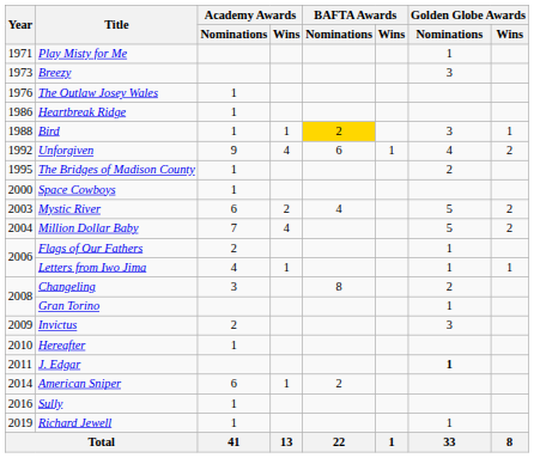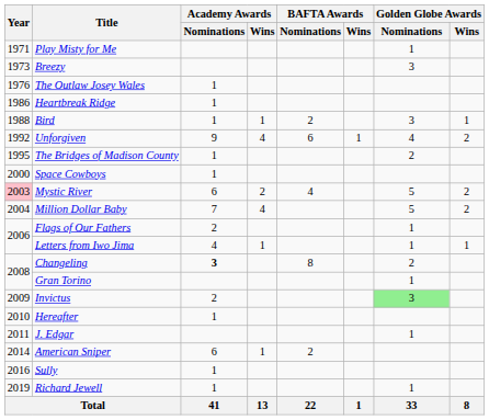 <table class="wikitable">
 <tr>
 <th rowspan="2">Year</th>
 <th rowspan="2">Title</th>
 <th colspan="2" style="text-align:center;">Academy Awards</th>
 <th colspan="2" style="text-align:center;">BAFTA Awards</th>
 <th colspan="2" style="text-align:center;">Golden Globe Awards</th>
 </tr>
 <tr>
 <th>Nominations</th>
 <th>Wins</th>
 <th>Nominations</th>
 <th>Wins</th>
 <th>Nominations</th>
 <th>Wins</th>
 </tr>
 <tr>
 <td>1971</td>
 <td><em><a href='#'>Play Misty for Me</a></em></td>
 <td></td>
 <td></td>
 <td></td>
 <td></td>
 <td align=center>1</td>
 <td></td>
 </tr>
 <tr>
 <td>1973</td>
 <td><em><a href='#'>Breezy</a></em></td>
 <td></td>
 <td></td>
 <td></td>
 <td></td>
 <td align=center>3</td>
 <td></td>
 </tr>
 <tr>
 <td>1976</td>
 <td><em><a href='#'>The Outlaw Josey Wales</a></em></td>
 <td align=center>1</td>
 <td></td>
 <td></td>
 <td></td>
 <td></td>
 <td></td>
 </tr>
 <tr>
 <td>1986</td>
 <td><em><a href='#'>Heartbreak Ridge</a></em></td>
 <td align=center>1</td>
 <td></td>
 <td></td>
 <td></td>
 <td></td>
 <td></td>
 </tr>
 <tr>
 <td>1988</td>
 <td><em><a href='#'>Bird</a></em></td>
 <td align=center>1</td>
 <td align=center>1</td>
-<td align=center style="background: gold;">2</td>
+<td align=center>2</td>
 <td></td>
 <td align=center>3</td>
 <td align=center>1</td>
 </tr>
 <tr>
 <td>1992</td>
 <td><em><a href='#'>Unforgiven</a></em></td>
 <td align=center>9</td>
 <td align=center>4</td>
 <td align=center>6</td>
 <td align=center>1</td>
 <td align=center>4</td>
 <td align=center>2</td>
 </tr>
 <tr>
 <td>1995</td>
 <td><em><a href='#'>The Bridges of Madison County</a></em></td>
 <td align=center>1</td>
 <td></td>
 <td></td>
 <td></td>
 <td align=center>2</td>
 <td></td>
 </tr>
 <tr>
 <td>2000</td>
 <td><em><a href='#'>Space Cowboys</a></em></td>
 <td align=center>1</td>
 <td></td>
 <td></td>
 <td></td>
 <td></td>
 <td></td>
 </tr>
 <tr>
-<td>2003</td>
+<td style="background: pink;">2003</td>
 <td><em><a href='#'>Mystic River</a></em></td>
 <td align=center>6</td>
 <td align=center>2</td>
 <td align=center>4</td>
 <td></td>
 <td align=center>5</td>
 <td align=center>2</td>
 </tr>
 <tr>
 <td>2004</td>
 <td><em><a href='#'>Million Dollar Baby</a></em></td>
 <td align=center>7</td>
 <td align=center>4</td>
 <td></td>
 <td></td>
 <td align=center>5</td>
 <td align=center>2</td>
 </tr>
 <tr>
 <td rowspan=2>2006</td>
 <td><em><a href='#'>Flags of Our Fathers</a></em></td>
 <td align=center>2</td>
 <td></td>
 <td></td>
 <td></td>
 <td align=center>1</td>
 <td></td>
 </tr>
 <tr>
 <td><em><a href='#'>Letters from Iwo Jima</a></em></td>
 <td align=center>4</td>
 <td align=center>1</td>
 <td></td>
 <td></td>
 <td align=center>1</td>
 <td align=center>1</td>
 </tr>
 <tr>
 <td rowspan=2>2008</td>
 <td><em><a href='#'>Changeling</a></em></td>
-<td align=center>3</td>
+<td align=center><strong>3</strong></td>
 <td></td>
 <td align=center>8</td>
 <td></td>
 <td align=center>2</td>
 <td></td>
 </tr>
 <tr>
 <td><em><a href='#'>Gran Torino</a></em></td>
 <td></td>
 <td></td>
 <td></td>
 <td></td>
 <td align=center>1</td>
 <td></td>
 </tr>
 <tr>
 <td>2009</td>
 <td><em><a href='#'>Invictus</a></em></td>
 <td align=center>2</td>
 <td></td>
 <td></td>
 <td></td>
-<td align=center>3</td>
+<td align=center style="background: lightgreen;">3</td>
 <td></td>
 </tr>
 <tr>
 <td>2010</td>
 <td><em><a href='#'>Hereafter</a></em></td>
 <td align=center>1</td>
 <td></td>
 <td></td>
 <td></td>
 <td></td>
 <td></td>
 </tr>
 <tr>
 <td>2011</td>
 <td><em><a href='#'>J. Edgar</a></em></td>
 <td></td>
 <td></td>
 <td></td>
 <td></td>
-<td align=center><strong>1</strong></td>
+<td align=center>1</td>
 <td></td>
 </tr>
 <tr>
 <td>2014</td>
 <td><em><a href='#'>American Sniper</a></em></td>
 <td align=center>6</td>
 <td align=center>1</td>
 <td align=center>2</td>
 <td></td>
 <td></td>
 <td></td>
 </tr>
 <tr>
 <td>2016</td>
 <td><em><a href='#'>Sully</a></em></td>
 <td align=center>1</td>
 <td></td>
 <td></td>
 <td></td>
 <td></td>
 <td></td>
 </tr>
 <tr>
 <td>2019</td>
 <td><em><a href='#'>Richard Jewell</a></em></td>
 <td align=center>1</td>
 <td></td>
 <td></td>
 <td></td>
 <td align=center>1</td>
 <td></td>
 </tr>
 <tr>
 <th colspan="2"><strong>Total</strong></th>
 <th align=center>41</th>
 <th align=center>13</th>
 <th align=center>22</th>
 <th align=center>1</th>
 <th align=center>33</th>
 <th align=center>8</th>
 </tr>
 </table>
